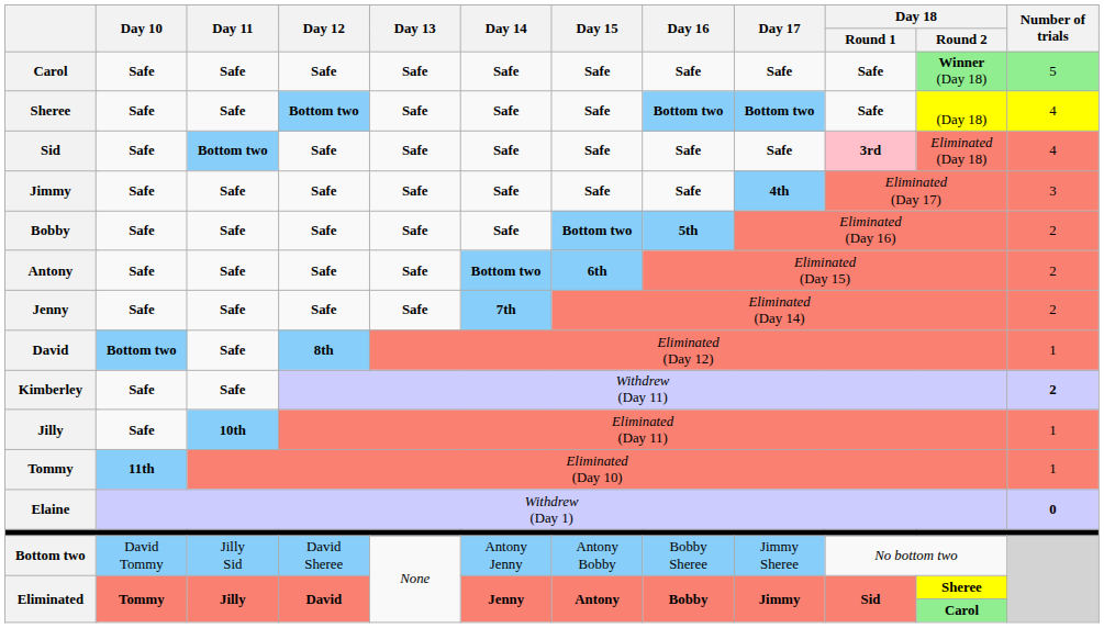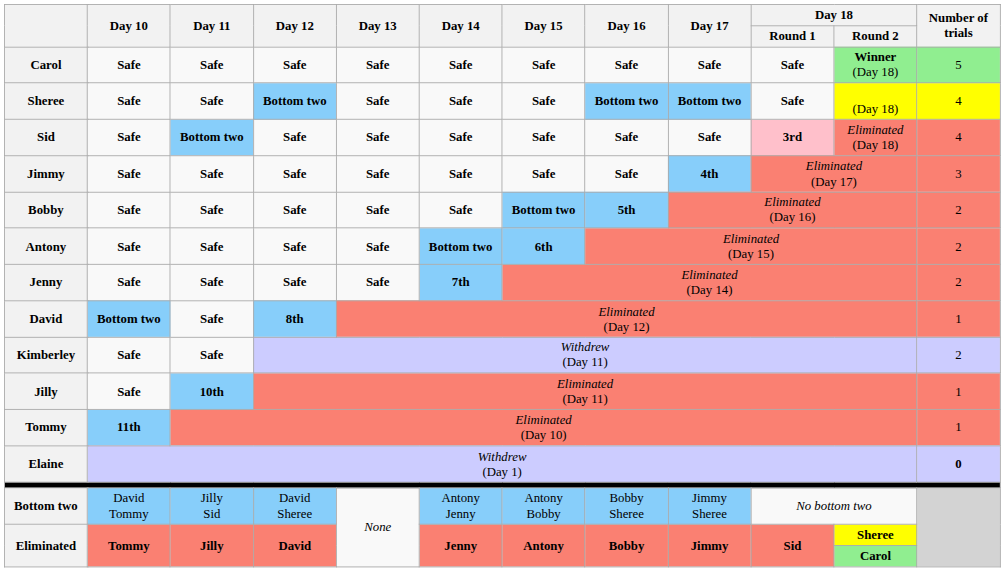 <table class="wikitable" style="text-align:center; font-size:90%; width=100%">
 <tr>
 <th style="width:7%" rowspan=2 colspan=2></th>
 <th style="width:7%" rowspan=2>Day 10</th>
 <th style="width:7%" rowspan=2>Day 11</th>
 <th style="width:7%" rowspan=2>Day 12</th>
 <th style="width:7%" rowspan=2>Day 13</th>
 <th style="width:7%" rowspan=2>Day 14</th>
 <th style="width:7%" rowspan=2>Day 15</th>
 <th style="width:7%" rowspan=2>Day 16</th>
 <th style="width:7%" rowspan=2>Day 17</th>
 <th style="width:7%" colspan=2>Day 18</th>
 <th style="width:7%" rowspan=2>Number of<br>trials</th>
 </tr>
 <tr>
 <th style="width:7%">Round 1</th>
 <th style="width:7%">Round 2</th>
 </tr>
 <tr>
 <th colspan="2">Carol</th>
 <td style="background:#"><strong>Safe</strong></td>
 <td style="background:#"><strong>Safe</strong></td>
 <td style="background:#"><strong>Safe</strong></td>
 <td style="background:#"><strong>Safe</strong></td>
 <td style="background:#"><strong>Safe</strong></td>
 <td style="background:#"><strong>Safe</strong></td>
 <td style="background:#"><strong>Safe</strong></td>
 <td style="background:#"><strong>Safe</strong></td>
 <td style="background:#"><strong>Safe</strong></td>
 <td style="background:lightgreen"><strong>Winner</strong> <br> (Day 18)</td>
 <td bgcolor=lightgreen>5</td>
 </tr>
 <tr>
 <th colspan="2">Sheree</th>
 <td style="background:#"><strong>Safe</strong></td>
 <td style="background:#"><strong>Safe</strong></td>
 <td style="background:#87CEFA"><strong>Bottom two</strong></td>
 <td style="background:#"><strong>Safe</strong></td>
 <td style="background:#"><strong>Safe</strong></td>
 <td style="background:#"><strong>Safe</strong></td>
 <td style="background:#87CEFA"><strong>Bottom two</strong></td>
 <td style="background:#87CEFA"><strong>Bottom two</strong></td>
 <td style="background:#"><strong>Safe</strong></td>
 <td style="background:yellow"> <br> (Day 18)</td>
 <td bgcolor=yellow>4</td>
 </tr>
 <tr>
 <th colspan="2">Sid</th>
 <td style="background:#"><strong>Safe</strong></td>
 <td style="background:#87CEFA"><strong>Bottom two</strong></td>
 <td style="background:#"><strong>Safe</strong></td>
 <td style="background:#"><strong>Safe</strong></td>
 <td style="background:#"><strong>Safe</strong></td>
 <td style="background:#"><strong>Safe</strong></td>
 <td style="background:#"><strong>Safe</strong></td>
 <td style="background:#"><strong>Safe</strong></td>
 <td style="background:#FFC0CB"><strong>3rd</strong></td>
 <td style="background:salmon" colspan=1><em>Eliminated</em> <br> (Day 18)</td>
 <td bgcolor=salmon>4</td>
 </tr>
 <tr>
 <th colspan="2">Jimmy</th>
 <td style="background:#"><strong>Safe</strong></td>
 <td style="background:#"><strong>Safe</strong></td>
 <td style="background:#"><strong>Safe</strong></td>
 <td style="background:#"><strong>Safe</strong></td>
 <td style="background:#"><strong>Safe</strong></td>
 <td style="background:#"><strong>Safe</strong></td>
 <td style="background:#"><strong>Safe</strong></td>
 <td style="background:#87CEFA"><strong>4th</strong></td>
 <td style="background:salmon" colspan=2><em>Eliminated</em> <br> (Day 17)</td>
 <td bgcolor=salmon>3</td>
 </tr>
 <tr>
 <th colspan="2">Bobby</th>
 <td style="background:#"><strong>Safe</strong></td>
 <td style="background:#"><strong>Safe</strong></td>
 <td style="background:#"><strong>Safe</strong></td>
 <td style="background:#"><strong>Safe</strong></td>
 <td style="background:#"><strong>Safe</strong></td>
 <td style="background:#87CEFA"><strong>Bottom two</strong></td>
 <td style="background:#87CEFA"><strong>5th</strong></td>
 <td style="background:salmon" colspan=3><em>Eliminated</em> <br> (Day 16)</td>
 <td bgcolor=salmon>2</td>
 </tr>
 <tr>
 <th colspan="2">Antony</th>
 <td style="background:#"><strong>Safe</strong></td>
 <td style="background:#"><strong>Safe</strong></td>
 <td style="background:#"><strong>Safe</strong></td>
 <td style="background:#"><strong>Safe</strong></td>
 <td style="background:#87CEFA"><strong>Bottom two</strong></td>
 <td style="background:#87CEFA"><strong>6th</strong></td>
 <td style="background:salmon" colspan=4><em>Eliminated</em><br>(Day 15)</td>
 <td bgcolor=salmon>2</td>
 </tr>
 <tr>
 <th colspan="2">Jenny</th>
 <td style="background:#"><strong>Safe</strong></td>
 <td style="background:#"><strong>Safe</strong></td>
 <td style="background:#"><strong>Safe</strong></td>
 <td style="background:#"><strong>Safe</strong></td>
 <td style="background:#87CEFA"><strong>7th</strong></td>
 <td style="background:salmon" colspan=5><em>Eliminated</em><br>(Day 14)</td>
 <td bgcolor=salmon>2</td>
 </tr>
 <tr>
 <th colspan="2">David</th>
 <td style="background:#87CEFA"><strong>Bottom two</strong></td>
 <td style="background:#"><strong>Safe</strong></td>
 <td style="background:#87CEFA"><strong>8th</strong></td>
 <td style="background:salmon" colspan=7><em>Eliminated</em><br>(Day 12)</td>
 <td bgcolor=salmon>1</td>
 </tr>
 <tr>
 <th colspan="2">Kimberley</th>
 <td style="background:#"><strong>Safe</strong></td>
 <td style="background:#"><strong>Safe</strong></td>
 <td style="background:#CCCCFF" colspan=8><em>Withdrew</em><br>(Day 11)</td>
-<td bgcolor=#CCCCFF><strong>2</strong></td>
+<td bgcolor=#CCCCFF>2</td>
 </tr>
 <tr>
 <th colspan="2">Jilly</th>
 <td style="background:#"><strong>Safe</strong></td>
 <td style="background:#87CEFA"><strong>10th</strong></td>
 <td style="background:salmon;" colspan=8><em>Eliminated</em><br>(Day 11)</td>
 <td bgcolor=salmon>1</td>
 </tr>
 <tr>
 <th colspan="2">Tommy</th>
 <td style="background:#87CEFA"><strong>11th</strong></td>
 <td style="background:salmon;" colspan=9><em>Eliminated</em><br>(Day 10)</td>
 <td bgcolor=salmon>1</td>
 </tr>
 <tr>
 <th colspan="2">Elaine</th>
 <td style="background:#CCCCFF" colspan=10><em>Withdrew</em><br>(Day 1)</td>
 <td bgcolor=#CCCCFF><strong>0</strong></td>
 </tr>
 <tr>
 <td style="background:#000000" colspan=13></td>
 </tr>
 <tr>
 <th colspan=2>Bottom two</th>
 <td style="background:#87CEFA">David<br>Tommy</td>
 <td style="background:#87CEFA">Jilly<br>Sid</td>
 <td style="background:#87CEFA">David<br>Sheree</td>
 <td rowspan=3><em>None</em></td>
 <td style="background:#87CEFA">Antony<br>Jenny</td>
 <td style="background:#87CEFA">Antony<br>Bobby</td>
 <td style="background:#87CEFA">Bobby<br>Sheree</td>
 <td style="background:#87CEFA">Jimmy<br>Sheree</td>
 <td colspan=2><em>No bottom two</em></td>
 <td bgcolor=lightgrey rowspan=3></td>
 </tr>
 <tr>
 <th colspan=2 rowspan=2>Eliminated</th>
 <td rowspan="2" style="background:salmon"><strong>Tommy</strong></td>
 <td rowspan="2" style="background:salmon"><strong>Jilly</strong></td>
 <td rowspan="2" style="background:salmon"><strong>David</strong></td>
 <td rowspan="2" style="background:salmon"><strong>Jenny</strong></td>
 <td rowspan="2" style="background:salmon"><strong>Antony</strong></td>
 <td rowspan="2" style="background:salmon"><strong>Bobby</strong></td>
 <td rowspan="2" style="background:salmon"><strong>Jimmy</strong></td>
 <td rowspan="2" style="background:salmon"><strong>Sid</strong></td>
 <td style="background:yellow"><strong>Sheree</strong></td>
 </tr>
 <tr>
 <td style="background:lightgreen"><strong>Carol</strong></td>
 </tr>
 </table>
